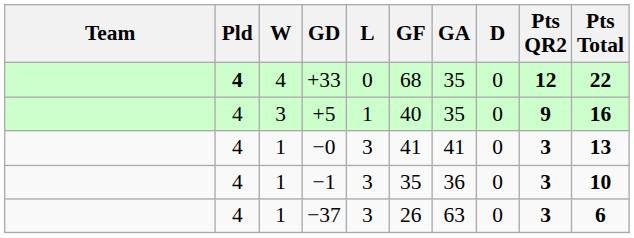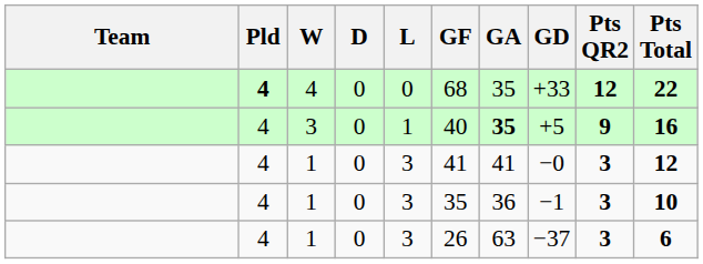 <table class="wikitable" style="text-align:center;">
 <tr>
 <th width=150>Team</th>
 <th width=25>Pld</th>
 <th width=25>W</th>
-<th width=25>GD</th>
+<th width=25>D</th>
 <th width=25>L</th>
 <th width=25>GF</th>
 <th width=25>GA</th>
-<th width=25>D</th>
+<th width=25>GD</th>
 <th width=30>Pts QR2</th>
 <th width=30>Pts Total</th>
 </tr>
 <tr bgcolor=#CCFFCC>
 <td align="left"></td>
 <td><strong>4</strong></td>
 <td>4</td>
-<td>+33</td>
+<td>0</td>
 <td>0</td>
 <td>68</td>
 <td>35</td>
-<td>0</td>
+<td>+33</td>
 <td><strong>12</strong></td>
 <td><strong>22</strong></td>
 </tr>
 <tr bgcolor=#CCFFCC>
 <td align="left"></td>
 <td>4</td>
 <td>3</td>
-<td>+5</td>
+<td>0</td>
 <td>1</td>
 <td>40</td>
-<td>35</td>
-<td>0</td>
+<td><strong>35</strong></td>
+<td>+5</td>
 <td><strong>9</strong></td>
 <td><strong>16</strong></td>
 </tr>
 <tr>
 <td align="left"></td>
 <td>4</td>
 <td>1</td>
-<td>−0</td>
+<td>0</td>
 <td>3</td>
 <td>41</td>
 <td>41</td>
-<td>0</td>
+<td>−0</td>
 <td><strong>3</strong></td>
-<td><strong>13</strong></td>
+<td><strong>12</strong></td>
 </tr>
 <tr>
 <td align="left"></td>
 <td>4</td>
 <td>1</td>
-<td>−1</td>
+<td>0</td>
 <td>3</td>
 <td>35</td>
 <td>36</td>
-<td>0</td>
+<td>−1</td>
 <td><strong>3</strong></td>
 <td><strong>10</strong></td>
 </tr>
 <tr>
 <td align="left"></td>
 <td>4</td>
 <td>1</td>
-<td>−37</td>
+<td>0</td>
 <td>3</td>
 <td>26</td>
 <td>63</td>
-<td>0</td>
+<td>−37</td>
 <td><strong>3</strong></td>
 <td><strong>6</strong></td>
 </tr>
 </table>
